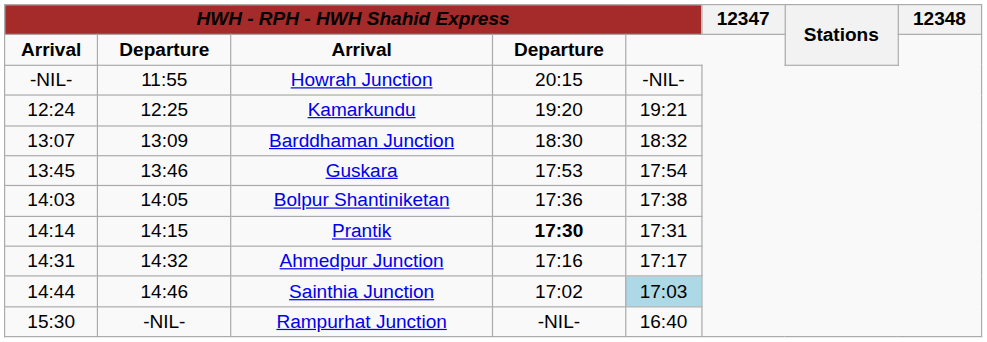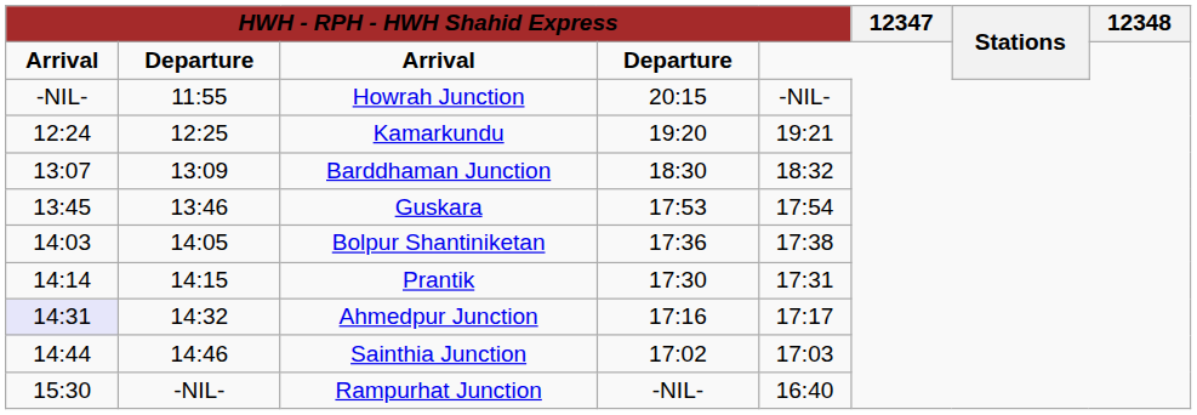 <table class="wikitable" width="65%" style="text-align: center;">
 <tr>
 <th colspan="5" align="center" style="background:brown;"><span><em>HWH - RPH - HWH Shahid Express</em></span></th>
 <th colspan="2">12347</th>
 <th rowspan="2">Stations</th>
 <th colspan="2">12348</th>
 </tr>
 <tr>
 <td><strong>Arrival</strong></td>
 <td><strong>Departure</strong></td>
 <td><strong>Arrival</strong></td>
 <td><strong>Departure</strong></td>
 </tr>
 <tr>
 <td>-NIL-</td>
 <td>11:55</td>
 <td><a href='#'>Howrah Junction</a></td>
 <td>20:15</td>
 <td>-NIL-</td>
 </tr>
 <tr>
 <td>12:24</td>
 <td>12:25</td>
 <td><a href='#'>Kamarkundu</a></td>
 <td>19:20</td>
 <td>19:21</td>
 </tr>
 <tr>
 <td>13:07</td>
 <td>13:09</td>
 <td><a href='#'>Barddhaman Junction</a></td>
 <td>18:30</td>
 <td>18:32</td>
 </tr>
 <tr>
 <td>13:45</td>
 <td>13:46</td>
 <td><a href='#'>Guskara</a></td>
 <td>17:53</td>
 <td>17:54</td>
 </tr>
 <tr>
 <td>14:03</td>
 <td>14:05</td>
 <td><a href='#'>Bolpur Shantiniketan</a></td>
 <td>17:36</td>
 <td>17:38</td>
 </tr>
 <tr>
 <td>14:14</td>
 <td>14:15</td>
 <td><a href='#'>Prantik</a></td>
-<td><strong>17:30</strong></td>
+<td>17:30</td>
 <td>17:31</td>
 </tr>
 <tr>
-<td>14:31</td>
+<td style="background: lavender;">14:31</td>
 <td>14:32</td>
 <td><a href='#'>Ahmedpur Junction</a></td>
 <td>17:16</td>
 <td>17:17</td>
 </tr>
 <tr>
 <td>14:44</td>
 <td>14:46</td>
 <td><a href='#'>Sainthia Junction</a></td>
 <td>17:02</td>
-<td style="background: lightblue;">17:03</td>
+<td>17:03</td>
 </tr>
 <tr>
 <td>15:30</td>
 <td>-NIL-</td>
 <td><a href='#'>Rampurhat Junction</a></td>
 <td>-NIL-</td>
 <td>16:40</td>
 </tr>
 </table>
